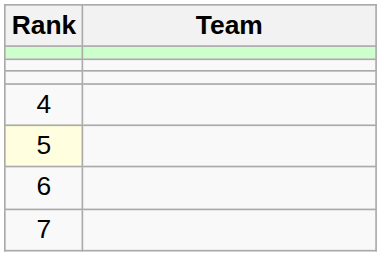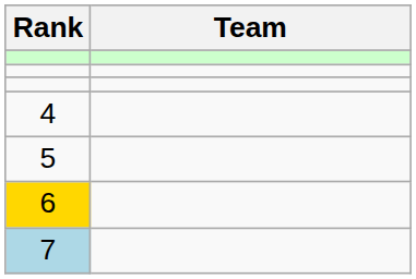 <table class="wikitable" style="text-align: center;">
 <tr>
 <th width=40>Rank</th>
 <th width=170>Team</th>
 </tr>
 <tr bgcolor=#CCFFCC>
 <td></td>
 <td align="left"></td>
 </tr>
 <tr>
 <td></td>
 <td align="left"></td>
 </tr>
 <tr>
 <td></td>
 <td align="left"></td>
 </tr>
 <tr>
 <td>4</td>
 <td align="left"></td>
 </tr>
 <tr>
-<td style="background: lightyellow;">5</td>
+<td>5</td>
 <td align="left"></td>
 </tr>
 <tr>
-<td>6</td>
+<td style="background: gold;">6</td>
 <td align="left"></td>
 </tr>
 <tr>
-<td>7</td>
+<td style="background: lightblue;">7</td>
 <td align="left"></td>
 </tr>
 </table>
